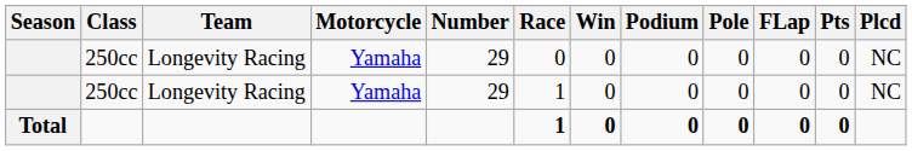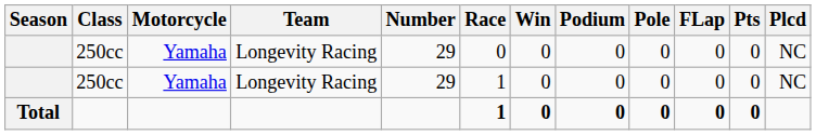 <table class="wikitable">
 <tr>
 <th>Season</th>
 <th>Class</th>
+<th>Motorcycle</th>
 <th>Team</th>
-<th>Motorcycle</th>
 <th>Number</th>
 <th>Race</th>
 <th>Win</th>
 <th>Podium</th>
 <th>Pole</th>
 <th>FLap</th>
 <th>Pts</th>
 <th>Plcd</th>
 </tr>
 <tr align="right">
 <th></th>
 <td>250cc</td>
+<td><a href='#'>Yamaha</a></td>
 <td>Longevity Racing</td>
-<td><a href='#'>Yamaha</a></td>
 <td>29</td>
 <td>0</td>
 <td>0</td>
 <td>0</td>
 <td>0</td>
 <td>0</td>
 <td>0</td>
 <td>NC</td>
 </tr>
 <tr align="right">
 <th></th>
 <td>250cc</td>
+<td><a href='#'>Yamaha</a></td>
 <td>Longevity Racing</td>
-<td><a href='#'>Yamaha</a></td>
 <td>29</td>
 <td>1</td>
 <td>0</td>
 <td>0</td>
 <td>0</td>
 <td>0</td>
 <td>0</td>
 <td>NC</td>
 </tr>
 <tr align="right">
 <th>Total</th>
 <td></td>
 <td></td>
 <td></td>
 <td></td>
 <td><strong>1</strong></td>
 <td><strong>0</strong></td>
 <td><strong>0</strong></td>
 <td><strong>0</strong></td>
 <td><strong>0</strong></td>
 <td><strong>0</strong></td>
 <td></td>
 </tr>
 </table>
